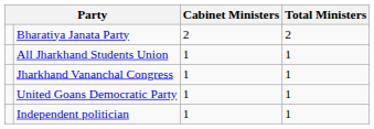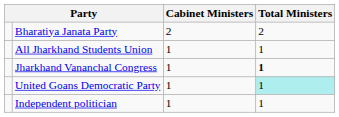 <table class="wikitable">
 <tr>
 <th colspan="2">Party</th>
 <th>Cabinet Ministers</th>
 <th>Total Ministers</th>
 </tr>
 <tr>
 <td width="4px"></td>
 <td><a href='#'>Bharatiya Janata Party</a></td>
 <td>2</td>
 <td>2</td>
 </tr>
 <tr>
 <td width="4px"></td>
 <td><a href='#'>All Jharkhand Students Union</a></td>
 <td>1</td>
 <td>1</td>
 </tr>
 <tr>
 <td width="4px"></td>
 <td><a href='#'>Jharkhand Vananchal Congress</a></td>
 <td>1</td>
-<td>1</td>
+<td><strong>1</strong></td>
 </tr>
 <tr>
 <td width="4px"></td>
 <td><a href='#'>United Goans Democratic Party</a></td>
 <td>1</td>
-<td>1</td>
+<td style="background: paleturquoise;">1</td>
 </tr>
 <tr>
 <td width="4px"></td>
 <td><a href='#'>Independent politician</a></td>
 <td>1</td>
 <td>1</td>
 </tr>
 </table>
